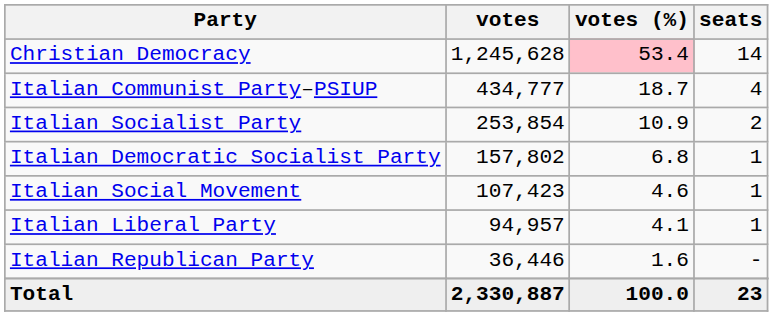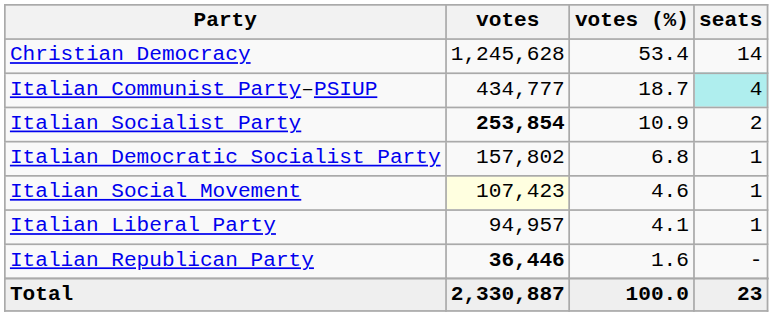 <table class="wikitable" style="font-size:95%">
 <tr bgcolor="EFEFEF">
 <th>Party</th>
 <th>votes</th>
 <th>votes (%)</th>
 <th>seats</th>
 </tr>
 <tr>
 <td><a href='#'>Christian Democracy</a></td>
 <td align=right>1,245,628</td>
-<td align=right style="background: pink;">53.4</td>
+<td align=right>53.4</td>
 <td align=right>14</td>
 </tr>
 <tr>
 <td><a href='#'>Italian Communist Party</a>–<a href='#'>PSIUP</a></td>
 <td align=right>434,777</td>
 <td align=right>18.7</td>
-<td align=right>4</td>
+<td align=right style="background: paleturquoise;">4</td>
 </tr>
 <tr>
 <td><a href='#'>Italian Socialist Party</a></td>
-<td align=right>253,854</td>
+<td align=right><strong>253,854</strong></td>
 <td align=right>10.9</td>
 <td align=right>2</td>
 </tr>
 <tr>
 <td><a href='#'>Italian Democratic Socialist Party</a></td>
 <td align=right>157,802</td>
 <td align=right>6.8</td>
 <td align=right>1</td>
 </tr>
 <tr>
 <td><a href='#'>Italian Social Movement</a></td>
-<td align=right>107,423</td>
+<td align=right style="background: lightyellow;">107,423</td>
 <td align=right>4.6</td>
 <td align=right>1</td>
 </tr>
 <tr>
 <td><a href='#'>Italian Liberal Party</a></td>
 <td align=right>94,957</td>
 <td align=right>4.1</td>
 <td align=right>1</td>
 </tr>
 <tr>
 <td><a href='#'>Italian Republican Party</a></td>
-<td align=right>36,446</td>
+<td align=right><strong>36,446</strong></td>
 <td align=right>1.6</td>
 <td align=right>-</td>
 </tr>
 <tr>
 </tr>
 <tr bgcolor="EFEFEF">
 <td><strong>Total</strong></td>
 <td align=right><strong>2,330,887</strong></td>
 <td align=right><strong>100.0</strong></td>
 <td align=right><strong>23</strong></td>
 </tr>
 </table>
